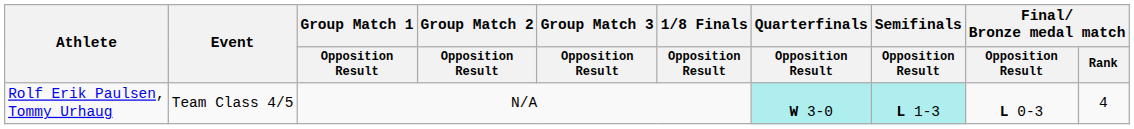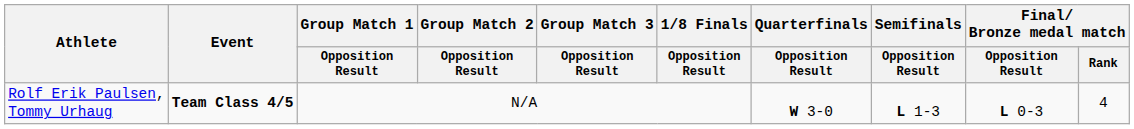 <table class=wikitable style="font-size:90%">
 <tr>
 <th rowspan="2">Athlete</th>
 <th rowspan="2">Event</th>
 <th>Group Match 1</th>
 <th>Group Match 2</th>
 <th>Group Match 3</th>
 <th>1/8 Finals</th>
 <th>Quarterfinals</th>
 <th>Semifinals</th>
 <th colspan="2">Final/<br>Bronze medal match</th>
 </tr>
 <tr>
 <th style="line-height:1em"><small>Opposition<br>Result</small></th>
 <th style="line-height:1em"><small>Opposition<br>Result</small></th>
 <th style="line-height:1em"><small>Opposition<br>Result</small></th>
 <th style="line-height:1em"><small>Opposition<br>Result</small></th>
 <th style="line-height:1em"><small>Opposition<br>Result</small></th>
 <th style="line-height:1em"><small>Opposition<br>Result</small></th>
 <th style="line-height:1em"><small>Opposition<br>Result</small></th>
 <th style="line-height:1em"><small>Rank</small></th>
 </tr>
 <tr>
 <td><a href='#'>Rolf Erik Paulsen</a>,<br><a href='#'>Tommy Urhaug</a></td>
-<td>Team Class 4/5</td>
+<td><strong>Team Class 4/5</strong></td>
 <td align="center" colspan="4">N/A</td>
-<td align="center" style="background: paleturquoise;"><br><strong>W</strong> 3-0</td>
-<td align="center" style="background: paleturquoise;"><br><strong>L</strong> 1-3</td>
+<td align="center"><br><strong>W</strong> 3-0</td>
+<td align="center"><br><strong>L</strong> 1-3</td>
 <td align="center"><br><strong>L</strong> 0-3</td>
 <td align="center" colspan="2">4</td>
 </tr>
 </table>
